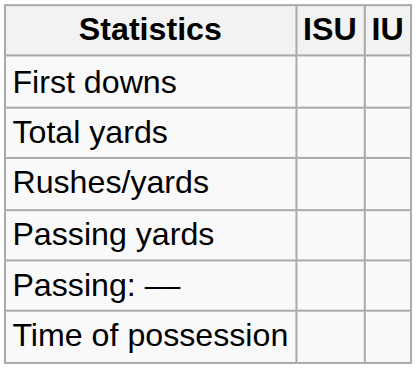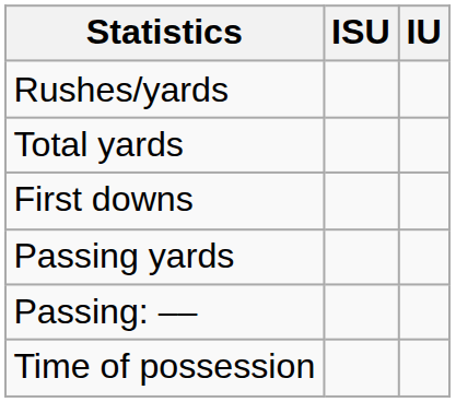 <table class="wikitable" style="float:left">
 <tr>
 <th>Statistics</th>
 <th>ISU</th>
 <th>IU</th>
 </tr>
 <tr>
-<td>First downs</td>
+<td>Rushes/yards</td>
 <td></td>
 <td></td>
 </tr>
 <tr>
 <td>Total yards</td>
 <td></td>
 <td></td>
 </tr>
 <tr>
-<td>Rushes/yards</td>
+<td>First downs</td>
 <td></td>
 <td></td>
 </tr>
 <tr>
 <td>Passing yards</td>
 <td></td>
 <td></td>
 </tr>
 <tr>
 <td>Passing: ––</td>
 <td></td>
 <td></td>
 </tr>
 <tr>
 <td>Time of possession</td>
 <td></td>
 <td></td>
 </tr>
 </table>
